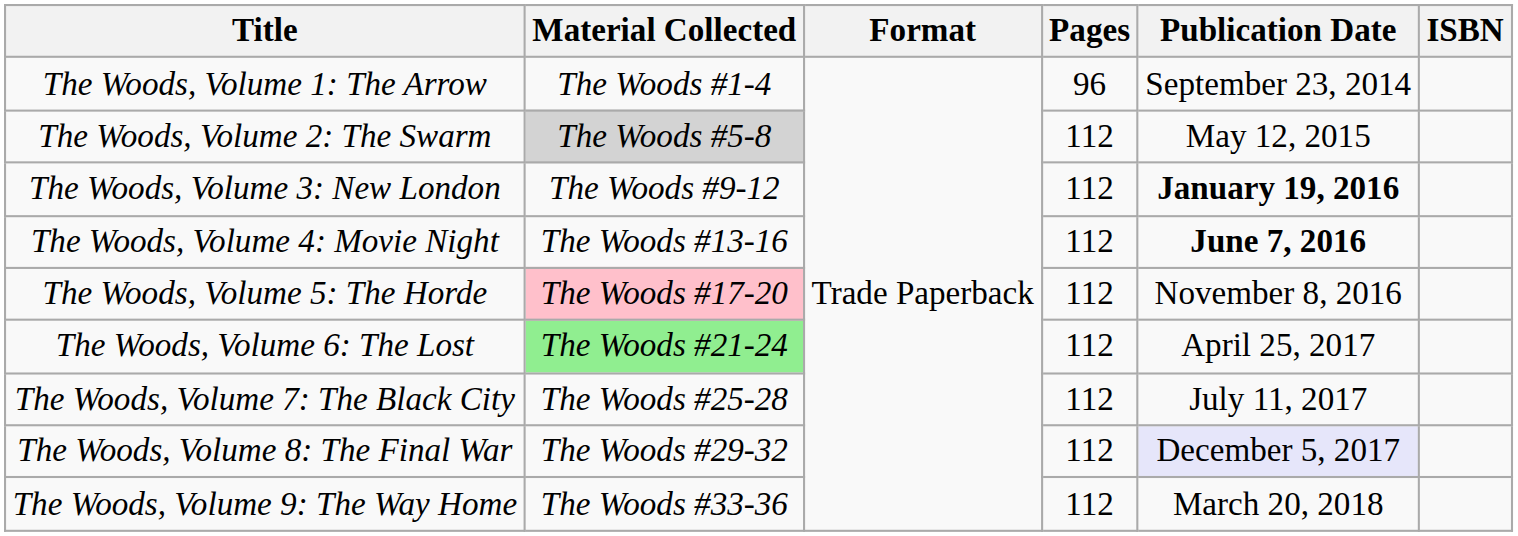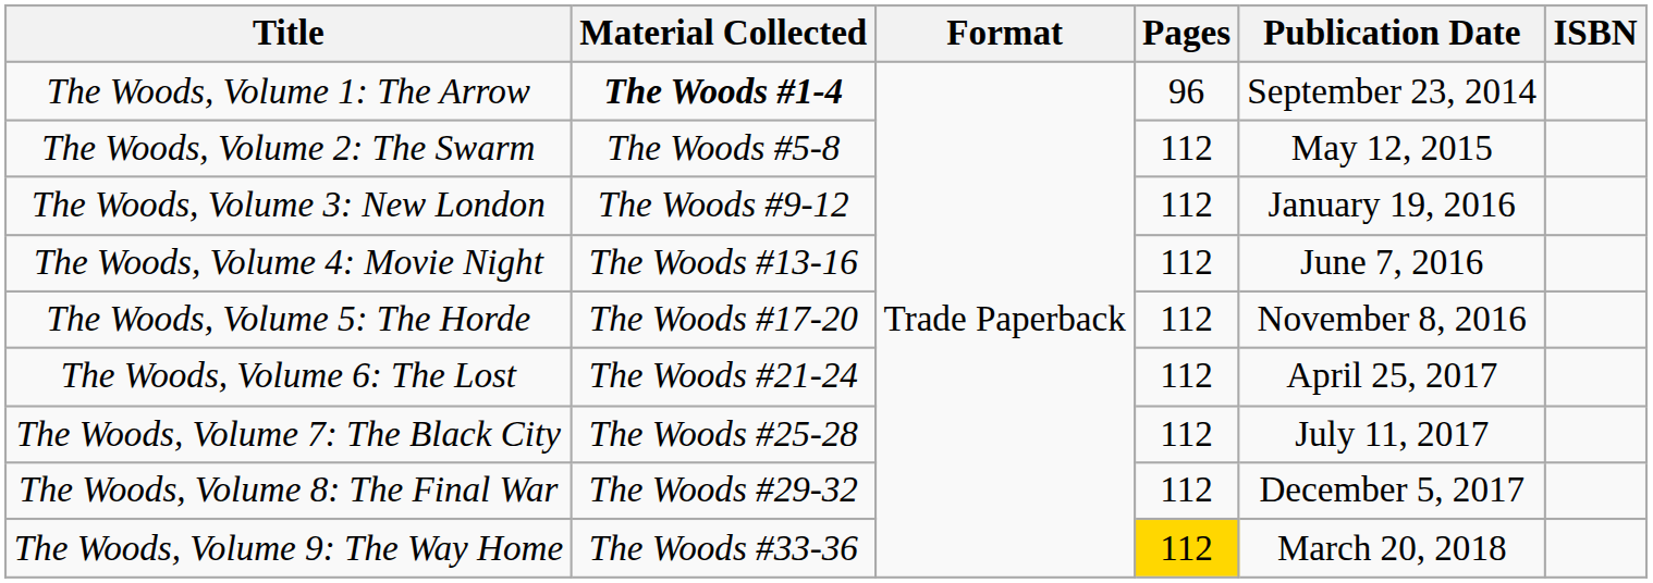 <table class="wikitable" style="text-align: center; height: 200px;">
 <tr>
 <th>Title</th>
 <th>Material Collected</th>
 <th>Format</th>
 <th>Pages</th>
 <th>Publication Date</th>
 <th>ISBN</th>
 </tr>
 <tr>
 <td><em>The Woods, Volume 1: The Arrow</em></td>
-<td><em>The Woods #1-4</em></td>
+<td><strong><em>The Woods #1-4</em></strong></td>
 <td rowspan="9">Trade Paperback</td>
 <td>96</td>
 <td>September 23, 2014</td>
 <td></td>
 </tr>
 <tr>
 <td><em>The Woods, Volume 2: The Swarm</em></td>
-<td style="background: lightgrey;"><em>The Woods #5-8</em></td>
+<td><em>The Woods #5-8</em></td>
 <td>112</td>
 <td>May 12, 2015</td>
 <td></td>
 </tr>
 <tr>
 <td><em>The Woods, Volume 3: New London</em></td>
 <td><em>The Woods #9-12</em></td>
 <td>112</td>
-<td><strong>January 19, 2016</strong></td>
+<td>January 19, 2016</td>
 <td></td>
 </tr>
 <tr>
 <td><em>The Woods, Volume 4: Movie Night</em></td>
 <td><em>The Woods #13-16</em></td>
 <td>112</td>
-<td><strong>June 7, 2016</strong></td>
+<td>June 7, 2016</td>
 <td></td>
 </tr>
 <tr>
 <td><em>The Woods, Volume 5: The Horde</em></td>
-<td style="background: pink;"><em>The Woods #17-20</em></td>
+<td><em>The Woods #17-20</em></td>
 <td>112</td>
 <td>November 8, 2016</td>
 <td></td>
 </tr>
 <tr>
 <td><em>The Woods, Volume 6: The Lost</em></td>
-<td style="background: lightgreen;"><em>The Woods #21-24</em></td>
+<td><em>The Woods #21-24</em></td>
 <td>112</td>
 <td>April 25, 2017</td>
 <td></td>
 </tr>
 <tr>
 <td><em>The Woods, Volume 7: The Black City</em></td>
 <td><em>The Woods #25-28</em></td>
 <td>112</td>
 <td>July 11, 2017</td>
 <td></td>
 </tr>
 <tr>
 <td><em>The Woods, Volume 8: The Final War</em></td>
 <td><em>The Woods #29-32</em></td>
 <td>112</td>
-<td style="background: lavender;">December 5, 2017</td>
+<td>December 5, 2017</td>
 <td></td>
 </tr>
 <tr>
 <td><em>The Woods, Volume 9: The Way Home</em></td>
 <td><em>The Woods #33-36</em></td>
-<td>112</td>
+<td style="background: gold;">112</td>
 <td>March 20, 2018</td>
 <td></td>
 </tr>
 </table>
